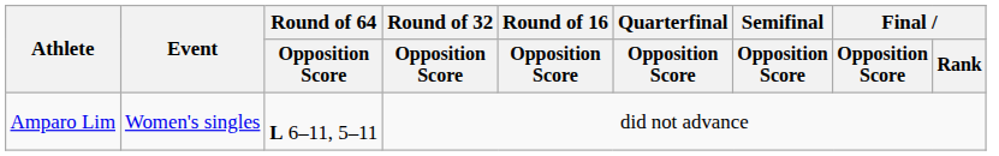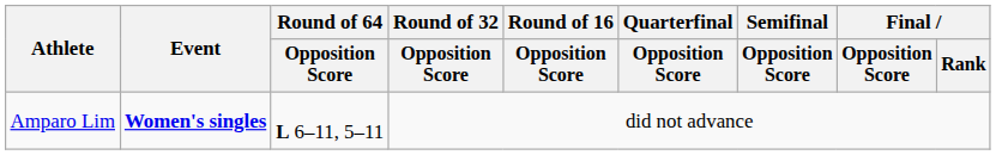 <table class=wikitable style=font-size:90%;text-align:center>
 <tr>
 <th rowspan=2>Athlete</th>
 <th rowspan=2>Event</th>
 <th>Round of 64</th>
 <th>Round of 32</th>
 <th>Round of 16</th>
 <th>Quarterfinal</th>
 <th>Semifinal</th>
 <th colspan=2>Final / </th>
 </tr>
 <tr style=font-size:95%>
 <th>Opposition<br>Score</th>
 <th>Opposition<br>Score</th>
 <th>Opposition<br>Score</th>
 <th>Opposition<br>Score</th>
 <th>Opposition<br>Score</th>
 <th>Opposition<br>Score</th>
 <th>Rank</th>
 </tr>
 <tr>
 <td align=left><a href='#'>Amparo Lim</a></td>
-<td align=left><a href='#'>Women's singles</a></td>
+<td align=left><strong><a href='#'>Women's singles</a></strong></td>
 <td><br><strong>L</strong> 6–11, 5–11</td>
 <td colspan=6>did not advance</td>
 </tr>
 </table>
